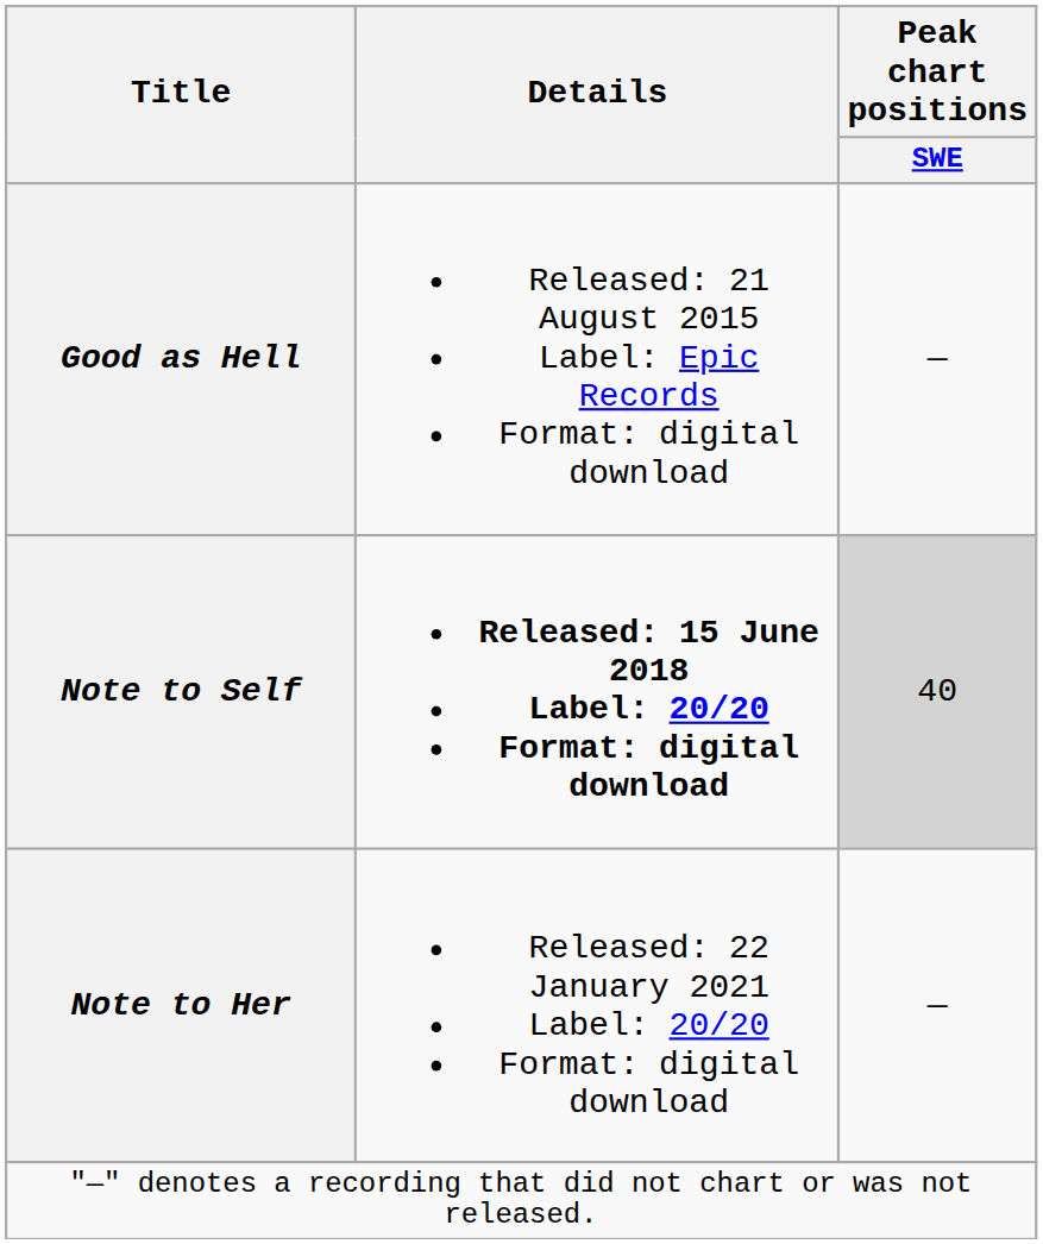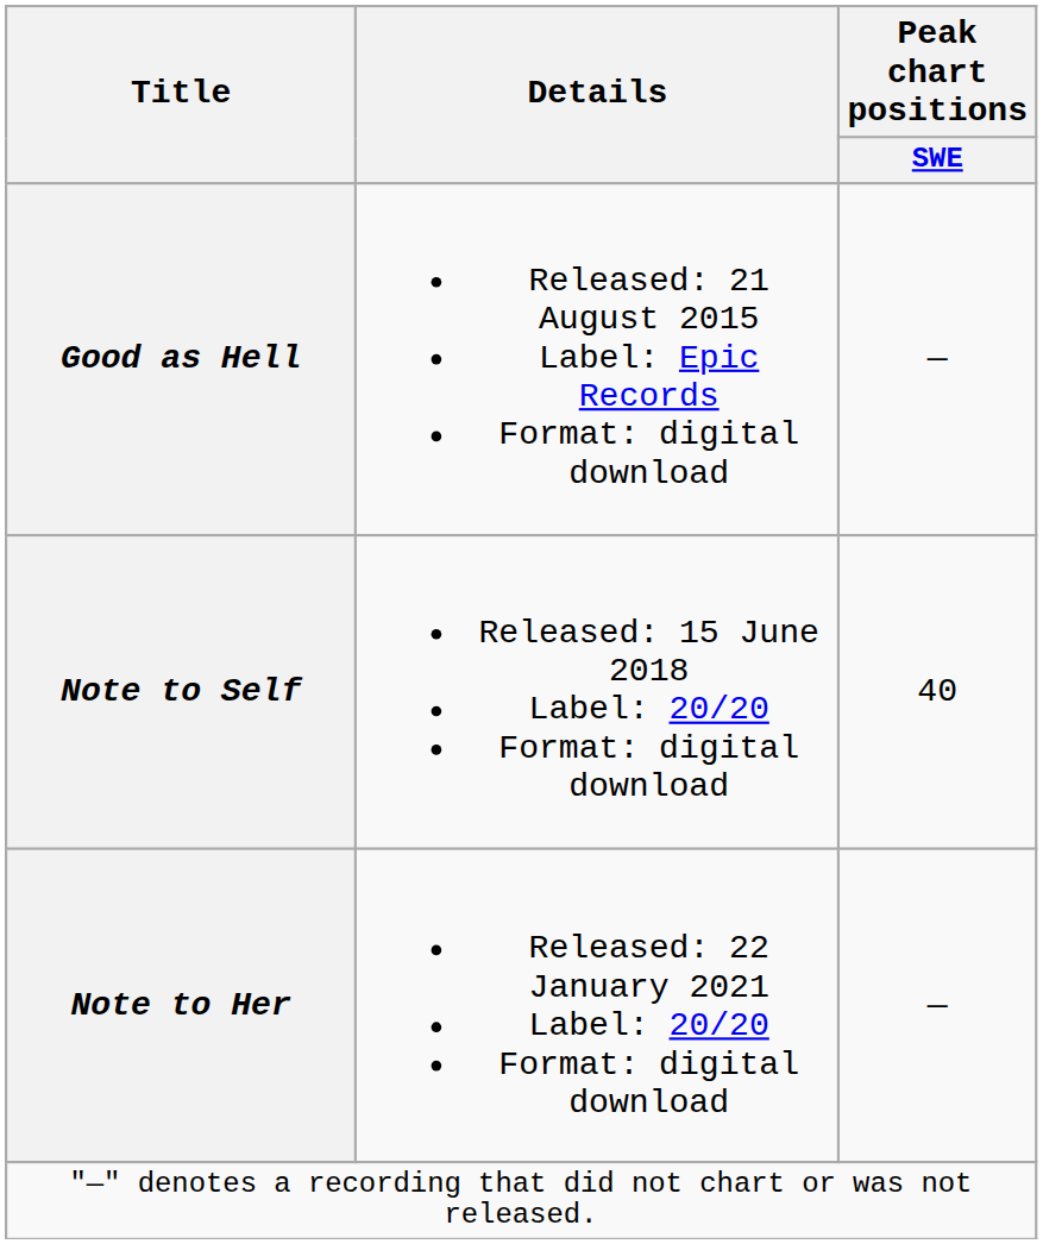 <table class="wikitable plainrowheaders" style="text-align:center">
 <tr>
 <th scope="col" rowspan="2" style="width:10em;">Title</th>
 <th scope="col" rowspan="2" style="width:14em;">Details</th>
 <th scope="col" colspan="1">Peak chart positions</th>
 </tr>
 <tr>
 <th scope="col" style="width:3em;font-size:85%;"><a href='#'>SWE</a><br></th>
 </tr>
 <tr>
 <th scope="row"><em>Good as Hell</em></th>
 <td><br><ul><li>Released: 21 August 2015</li><li>Label: <a href='#'>Epic Records</a></li><li>Format: digital download</li></ul></td>
 <td>—</td>
 </tr>
 <tr>
 <th scope="row"><em>Note to Self</em></th>
-<td><strong><br><ul><li>Released: 15 June 2018</li><li>Label: <a href='#'>20/20</a></li><li>Format: digital download</li></ul></strong></td>
-<td style="background: lightgrey;">40</td>
+<td><br><ul><li>Released: 15 June 2018</li><li>Label: <a href='#'>20/20</a></li><li>Format: digital download</li></ul></td>
+<td>40</td>
 </tr>
 <tr>
 <th scope="row"><em>Note to Her</em></th>
 <td><br><ul><li>Released: 22 January 2021</li><li>Label: <a href='#'>20/20</a></li><li>Format: digital download</li></ul></td>
 <td>—</td>
 </tr>
 <tr>
 <td colspan="20" style="font-size:85%;">"—" denotes a recording that did not chart or was not released.</td>
 </tr>
 </table>
